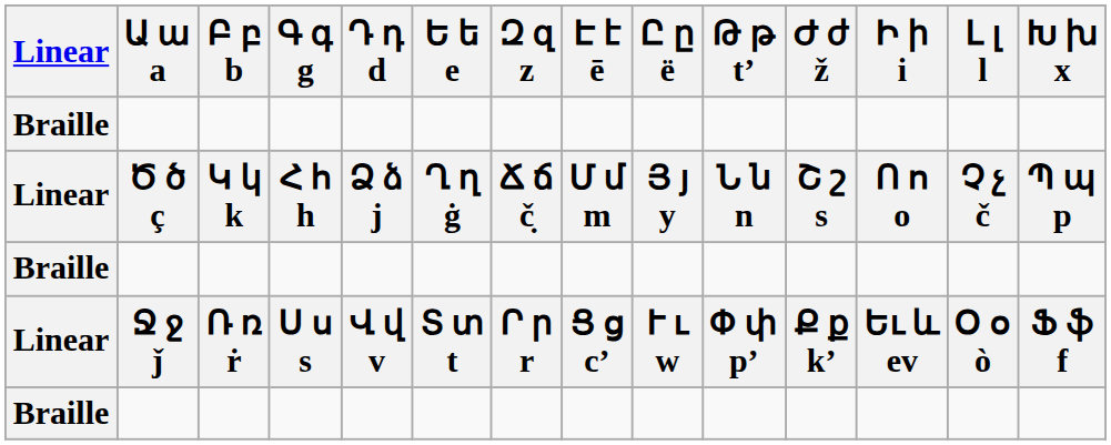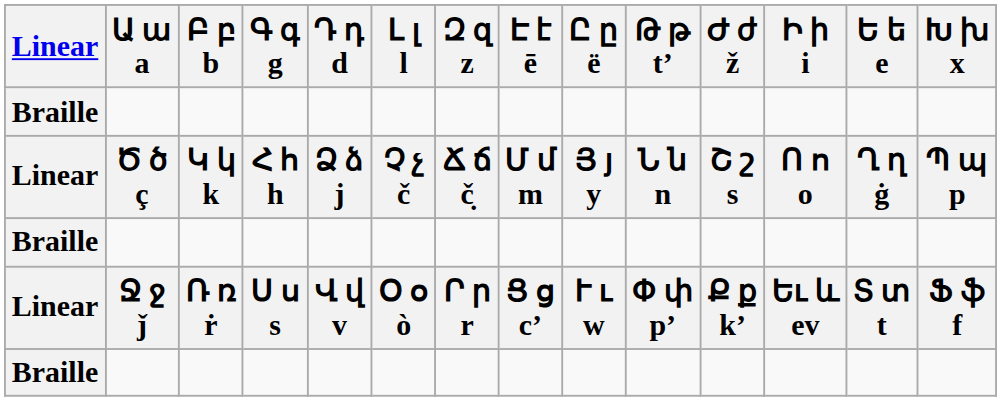 <table class="wikitable" style="text-align:center">
 <tr>
 <th><a href='#'>Linear</a></th>
 <th>Ա ա <br>a</th>
 <th>Բ բ <br>b</th>
 <th>Գ գ <br>g</th>
 <th>Դ դ <br>d</th>
-<th>Ե ե <br>e</th>
+<th>Լ լ <br>l</th>
 <th>Զ զ <br>z</th>
 <th>Է է <br>ē</th>
 <th>Ը ը <br>ë</th>
 <th>Թ թ <br>t’</th>
 <th>Ժ ժ <br>ž</th>
 <th>Ի ի <br>i</th>
-<th>Լ լ <br>l</th>
+<th>Ե ե <br>e</th>
 <th>Խ խ <br>x</th>
 </tr>
 <tr>
 <th>Braille</th>
 <td></td>
 <td></td>
 <td></td>
 <td></td>
 <td></td>
 <td></td>
 <td></td>
 <td></td>
 <td></td>
 <td></td>
 <td></td>
 <td></td>
 <td></td>
 </tr>
 <tr>
 <th>Linear</th>
 <th>Ծ ծ <br>ç</th>
 <th>Կ կ <br>k</th>
 <th>Հ հ <br>h</th>
 <th>Ձ ձ <br>j</th>
-<th>Ղ ղ <br>ġ</th>
+<th>Չ չ <br>č</th>
 <th>Ճ ճ <br>č̣</th>
 <th>Մ մ <br>m</th>
 <th>Յ յ <br>y</th>
 <th>Ն ն <br>n</th>
 <th>Շ շ <br>s</th>
 <th>Ո ո <br>o</th>
-<th>Չ չ <br>č</th>
+<th>Ղ ղ <br>ġ</th>
 <th>Պ պ <br>p</th>
 </tr>
 <tr>
 <th>Braille</th>
 <td></td>
 <td></td>
 <td></td>
 <td></td>
 <td></td>
 <td></td>
 <td></td>
 <td></td>
 <td></td>
 <td></td>
 <td></td>
 <td></td>
 <td></td>
 </tr>
 <tr>
 <th>Linear</th>
 <th>Ջ ջ <br>ǰ</th>
 <th>Ռ ռ <br>ṙ</th>
 <th>Ս ս <br>s</th>
 <th>Վ վ <br>v</th>
-<th>Տ տ <br>t</th>
+<th>Օ օ <br>ò</th>
 <th>Ր ր <br>r</th>
 <th>Ց ց <br>c’</th>
 <th>Ւ ւ <br>w</th>
 <th>Փ փ <br>p’</th>
 <th>Ք ք <br>k’</th>
 <th>Եւ և <br>ev</th>
-<th>Օ օ <br>ò</th>
+<th>Տ տ <br>t</th>
 <th>Ֆ ֆ <br>f</th>
 </tr>
 <tr>
 <th>Braille</th>
 <td></td>
 <td></td>
 <td></td>
 <td></td>
 <td></td>
 <td></td>
 <td></td>
 <td></td>
 <td></td>
 <td></td>
 <td></td>
 <td></td>
 <td></td>
 </tr>
 </table>
